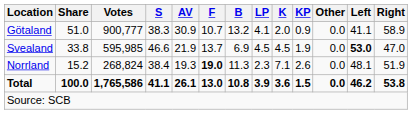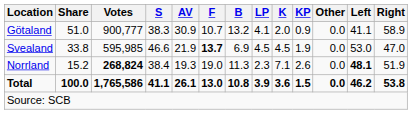 <table class="wikitable sortable" style=text-align:right>
 <tr>
 <th>Location</th>
 <th>Share</th>
 <th>Votes</th>
 <th><a href='#'>S</a></th>
 <th><a href='#'>AV</a></th>
 <th><a href='#'>F</a></th>
 <th><a href='#'>B</a></th>
 <th><a href='#'>LP</a></th>
 <th><a href='#'>K</a></th>
 <th><a href='#'>KP</a></th>
 <th>Other</th>
 <th>Left</th>
 <th>Right</th>
 </tr>
 <tr>
 <td align=left><a href='#'>Götaland</a></td>
 <td>51.0</td>
 <td>900,777</td>
 <td>38.3</td>
 <td>30.9</td>
 <td>10.7</td>
 <td>13.2</td>
 <td>4.1</td>
 <td>2.0</td>
 <td>0.9</td>
 <td>0.0</td>
 <td>41.1</td>
 <td>58.9</td>
 </tr>
 <tr>
 <td align=left><a href='#'>Svealand</a></td>
 <td>33.8</td>
 <td>595,985</td>
 <td>46.6</td>
 <td>21.9</td>
-<td>13.7</td>
+<td><strong>13.7</strong></td>
 <td>6.9</td>
 <td>4.5</td>
 <td>4.5</td>
 <td>1.9</td>
 <td>0.0</td>
-<td><strong>53.0</strong></td>
+<td>53.0</td>
 <td>47.0</td>
 </tr>
 <tr>
 <td align=left><a href='#'>Norrland</a></td>
 <td>15.2</td>
-<td>268,824</td>
+<td><strong>268,824</strong></td>
 <td>38.4</td>
 <td>19.3</td>
-<td><strong>19.0</strong></td>
+<td>19.0</td>
 <td>11.3</td>
 <td>2.3</td>
 <td>7.1</td>
 <td>2.6</td>
 <td>0.0</td>
-<td>48.1</td>
+<td><strong>48.1</strong></td>
 <td>51.9</td>
 </tr>
 <tr>
 <td align=left><strong>Total</strong></td>
 <td><strong>100.0</strong></td>
 <td><strong>1,765,586</strong></td>
 <td><strong>41.1</strong></td>
 <td><strong>26.1</strong></td>
 <td><strong>13.0</strong></td>
 <td><strong>10.8</strong></td>
 <td><strong>3.9</strong></td>
 <td><strong>3.6</strong></td>
 <td><strong>1.5</strong></td>
 <td><strong>0.0</strong></td>
 <td><strong>46.2</strong></td>
 <td><strong>53.8</strong></td>
 </tr>
 <tr>
 <td align=left colspan=13>Source: SCB </td>
 </tr>
 </table>
